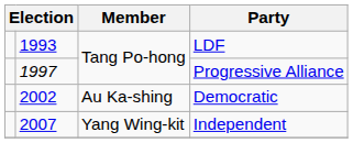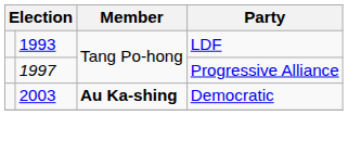 <table class="wikitable">
 <tr>
 <th colspan="2">Election</th>
 <th>Member</th>
 <th>Party</th>
 </tr>
 <tr>
 <td style="background-color:"></td>
 <td><a href='#'>1993</a></td>
 <td rowspan=2>Tang Po-hong</td>
 <td><a href='#'>LDF</a></td>
 </tr>
 <tr>
 <td style="background-color:"></td>
 <td><em>1997</em></td>
 <td><a href='#'>Progressive Alliance</a></td>
 </tr>
 <tr>
 <td style="background-color:"></td>
-<td><a href='#'>2002</a></td>
-<td>Au Ka-shing</td>
+<td><a href='#'>2003</a></td>
+<td><strong>Au Ka-shing</strong></td>
 <td><a href='#'>Democratic</a></td>
-</tr>
-<tr>
-<td style="background-color:"></td>
-<td><a href='#'>2007</a></td>
-<td>Yang Wing-kit</td>
-<td><a href='#'>Independent</a></td>
 </tr>
 <tr>
 </tr>
 </table>
